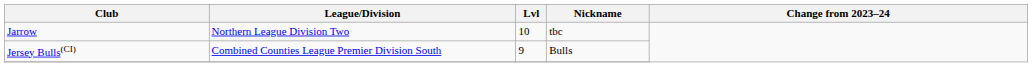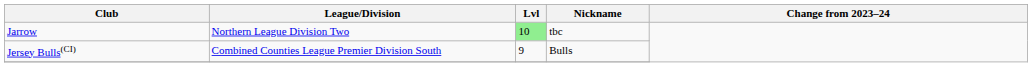 <table class="wikitable sortable" width=100% style="font-size:85%">
 <tr>
 <th width=20%>Club</th>
 <th width=30%>League/Division</th>
 <th width=3%>Lvl</th>
 <th width=10%>Nickname</th>
 <th width=37%>Change from 2023–24</th>
 </tr>
 <tr>
 <td><a href='#'>Jarrow</a></td>
 <td><a href='#'>Northern League Division Two</a></td>
-<td>10</td>
+<td style="background: lightgreen;">10</td>
 <td>tbc</td>
 </tr>
 <tr>
 <td><a href='#'>Jersey Bulls</a><sup>(CI)</sup></td>
 <td><a href='#'>Combined Counties League Premier Division South</a></td>
 <td>9</td>
 <td>Bulls</td>
 </tr>
 <tr>
 </tr>
 </table>
